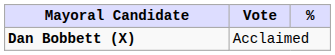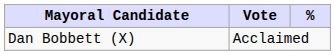 <table class="wikitable">
 <tr>
 <th style="background:#ddf; width:200px;">Mayoral Candidate</th>
 <th style="background:#ddf; width:50px;">Vote</th>
 <th style="background:#ddf; width:30px;">%</th>
 </tr>
 <tr>
-<td><strong>Dan Bobbett (X)</strong></td>
+<td>Dan Bobbett (X)</td>
 <td colspan="2">Acclaimed</td>
 </tr>
 </table>
